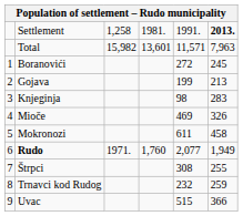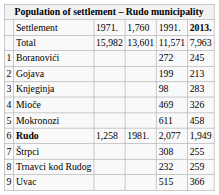 <table class="wikitable">
 <tr>
 <th colspan="6">Population of settlement – Rudo municipality</th>
 </tr>
 <tr>
 <td></td>
 <td>Settlement</td>
-<td>1,258</td>
-<td>1981.</td>
+<td>1971.</td>
+<td>1,760</td>
 <td>1991.</td>
 <td><strong>2013.</strong></td>
 </tr>
 <tr>
 <td></td>
 <td>Total</td>
 <td>15,982</td>
 <td>13,601</td>
 <td>11,571</td>
 <td>7,963</td>
 </tr>
 <tr>
 <td>1</td>
 <td>Boranovići</td>
 <td></td>
 <td></td>
 <td>272</td>
 <td>245</td>
 </tr>
 <tr>
 <td>2</td>
 <td>Gojava</td>
 <td></td>
 <td></td>
 <td>199</td>
 <td>213</td>
 </tr>
 <tr>
 <td>3</td>
 <td>Knjeginja</td>
 <td></td>
 <td></td>
 <td>98</td>
 <td>283</td>
 </tr>
 <tr>
 <td>4</td>
 <td>Mioče</td>
 <td></td>
 <td></td>
 <td>469</td>
 <td>326</td>
 </tr>
 <tr>
 <td>5</td>
 <td>Mokronozi</td>
 <td></td>
 <td></td>
 <td>611</td>
 <td>458</td>
 </tr>
 <tr>
 <td>6</td>
 <td><strong>Rudo</strong></td>
-<td>1971.</td>
-<td>1,760</td>
+<td>1,258</td>
+<td>1981.</td>
 <td>2,077</td>
 <td>1,949</td>
 </tr>
 <tr>
 <td>7</td>
 <td>Štrpci</td>
 <td></td>
 <td></td>
 <td>308</td>
 <td>255</td>
 </tr>
 <tr>
 <td>8</td>
 <td>Trnavci kod Rudog</td>
 <td></td>
 <td></td>
 <td>232</td>
 <td>259</td>
 </tr>
 <tr>
 <td>9</td>
 <td>Uvac</td>
 <td></td>
 <td></td>
 <td>515</td>
 <td>366</td>
 </tr>
 </table>
